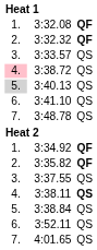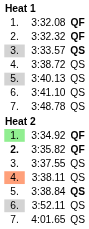 <table style="text-align:center">
 <tr>
 <td colspan=4 align=left><strong>Heat 1</strong></td>
 </tr>
 <tr>
 <td width=30>1.</td>
 <td align=left></td>
 <td width=60>3:32.08</td>
 <td><strong>QF</strong></td>
 </tr>
 <tr>
 <td>2.</td>
 <td align=left></td>
 <td>3:32.32</td>
 <td><strong>QF</strong></td>
 </tr>
 <tr>
-<td>3.</td>
+<td style="background: lightgrey;">3.</td>
 <td align=left></td>
 <td>3:33.57</td>
-<td>QS</td>
+<td><strong>QS</strong></td>
 </tr>
 <tr>
-<td style="background: pink;">4.</td>
+<td>4.</td>
 <td align=left></td>
 <td>3:38.72</td>
 <td>QS</td>
 </tr>
 <tr>
 <td style="background: lightgrey;">5.</td>
 <td align=left></td>
 <td>3:40.13</td>
 <td>QS</td>
 </tr>
 <tr>
 <td>6.</td>
 <td align=left></td>
 <td>3:41.10</td>
 <td>QS</td>
 </tr>
 <tr>
 <td>7.</td>
 <td align=left></td>
 <td>3:48.78</td>
 <td>QS</td>
 </tr>
 <tr>
 <td colspan=4 align=left><strong>Heat 2</strong></td>
 </tr>
 <tr>
-<td>1.</td>
+<td style="background: lightgreen;">1.</td>
 <td align=left></td>
 <td>3:34.92</td>
 <td><strong>QF</strong></td>
 </tr>
 <tr>
-<td>2.</td>
+<td><strong>2.</strong></td>
 <td align=left></td>
 <td>3:35.82</td>
 <td><strong>QF</strong></td>
 </tr>
 <tr>
 <td>3.</td>
 <td align=left></td>
 <td>3:37.55</td>
 <td>QS</td>
 </tr>
 <tr>
-<td>4.</td>
+<td style="background: lightsalmon;">4.</td>
 <td align=left></td>
 <td>3:38.11</td>
-<td><strong>QS</strong></td>
+<td>QS</td>
 </tr>
 <tr>
 <td>5.</td>
 <td align=left></td>
 <td>3:38.84</td>
-<td>QS</td>
+<td><strong>QS</strong></td>
 </tr>
 <tr>
-<td>6.</td>
+<td style="background: lightgrey;">6.</td>
 <td align=left></td>
 <td>3:52.11</td>
 <td>QS</td>
 </tr>
 <tr>
 <td>7.</td>
 <td align=left></td>
 <td>4:01.65</td>
 <td>QS</td>
 </tr>
 </table>
